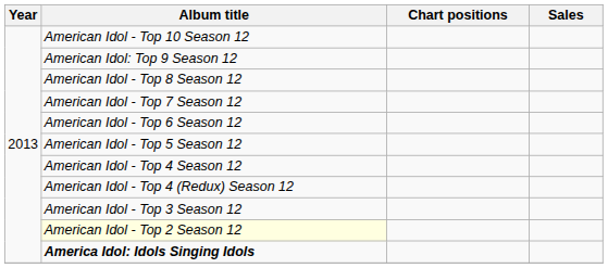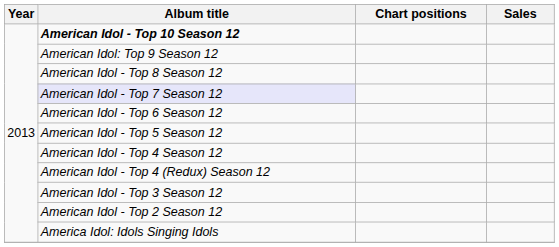 <table class="wikitable">
 <tr>
 <th width="30">Year</th>
 <th width="400">Album title</th>
 <th width="160">Chart positions</th>
 <th width="80">Sales</th>
 </tr>
 <tr>
 <td rowspan="11">2013</td>
-<td><em>American Idol - Top 10 Season 12</em></td>
+<td><strong><em>American Idol - Top 10 Season 12</em></strong></td>
 <td align="center"></td>
 <td align="center"></td>
 </tr>
 <tr>
 <td><em>American Idol: Top 9 Season 12</em></td>
 <td align="center"></td>
 <td align="center"></td>
 </tr>
 <tr>
 <td><em>American Idol - Top 8 Season 12</em></td>
 <td align="center"></td>
 <td align="center"></td>
 </tr>
 <tr>
-<td><em>American Idol - Top 7 Season 12</em></td>
+<td style="background: lavender;"><em>American Idol - Top 7 Season 12</em></td>
 <td align="center"></td>
 <td align="center"></td>
 </tr>
 <tr>
 <td><em>American Idol - Top 6 Season 12</em></td>
 <td align="center"></td>
 <td align="center"></td>
 </tr>
 <tr>
 <td><em>American Idol - Top 5 Season 12</em></td>
 <td align="center"></td>
 <td align="center"></td>
 </tr>
 <tr>
 <td><em>American Idol - Top 4 Season 12</em></td>
 <td align="center"></td>
 <td align="center"></td>
 </tr>
 <tr>
 <td><em>American Idol - Top 4 (Redux) Season 12</em></td>
 <td align="center"></td>
 <td align="center"></td>
 </tr>
 <tr>
 <td><em>American Idol - Top 3 Season 12</em></td>
 <td align="center"></td>
 <td align="center"></td>
 </tr>
 <tr>
-<td style="background: lightyellow;"><em>American Idol - Top 2 Season 12</em></td>
+<td><em>American Idol - Top 2 Season 12</em></td>
 <td align="center"></td>
 <td align="center"></td>
 </tr>
 <tr>
-<td><strong><em>America Idol: Idols Singing Idols</em> </strong></td>
+<td><em>America Idol: Idols Singing Idols</em> </td>
 <td align="center"></td>
 <td align="center"></td>
 </tr>
 <tr>
 </tr>
 </table>
